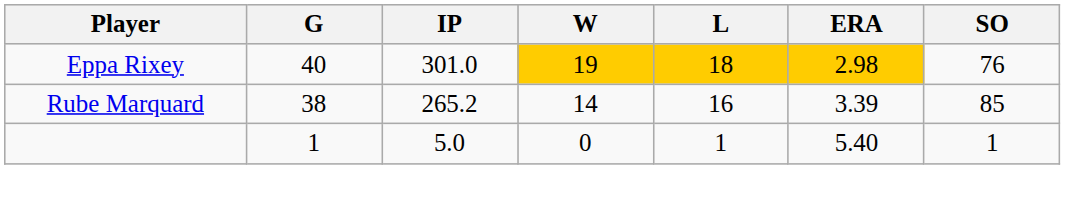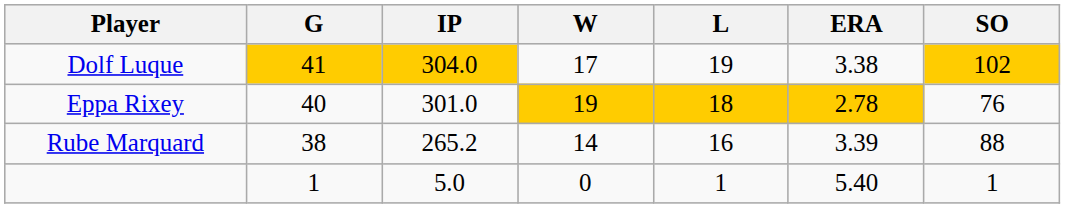 <table class="wikitable sortable">
 <tr>
 <th bgcolor="#DDDDFF" width="16%">Player</th>
 <th bgcolor="#DDDDFF" width="9%">G</th>
 <th bgcolor="#DDDDFF" width="9%">IP</th>
 <th bgcolor="#DDDDFF" width="9%">W</th>
 <th bgcolor="#DDDDFF" width="9%">L</th>
 <th bgcolor="#DDDDFF" width="9%">ERA</th>
 <th bgcolor="#DDDDFF" width="9%">SO</th>
 </tr>
 <tr align="center">
+<td><a href='#'>Dolf Luque</a></td>
+<td style="background:#fc0;">41</td>
+<td style="background:#fc0;">304.0</td>
+<td>17</td>
+<td>19</td>
+<td>3.38</td>
+<td style="background:#fc0;">102</td>
+</tr>
+<tr align="center">
 <td><a href='#'>Eppa Rixey</a></td>
 <td>40</td>
 <td>301.0</td>
 <td style="background:#fc0;">19</td>
 <td style="background:#fc0;">18</td>
-<td style="background:#fc0;">2.98</td>
+<td style="background:#fc0;">2.78</td>
 <td>76</td>
 </tr>
 <tr align="center">
 <td><a href='#'>Rube Marquard</a></td>
 <td>38</td>
 <td>265.2</td>
 <td>14</td>
 <td>16</td>
 <td>3.39</td>
-<td>85</td>
+<td>88</td>
 </tr>
 <tr align="center">
 <td></td>
 <td>1</td>
 <td>5.0</td>
 <td>0</td>
 <td>1</td>
 <td>5.40</td>
 <td>1</td>
 </tr>
 </table>
